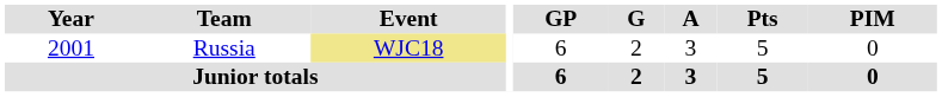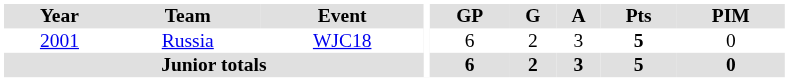 <table border="0" cellpadding="1" cellspacing="0" ID="Table3" style="text-align:center; width:40em">
 <tr ALIGN="center" bgcolor="#e0e0e0">
 <th>Year</th>
 <th>Team</th>
 <th>Event</th>
 <th rowspan="99" bgcolor="#ffffff"></th>
 <th>GP</th>
 <th>G</th>
 <th>A</th>
 <th>Pts</th>
 <th>PIM</th>
 </tr>
 <tr>
 <td><a href='#'>2001</a></td>
 <td><a href='#'>Russia</a></td>
-<td style="background: khaki;"><a href='#'>WJC18</a></td>
+<td><a href='#'>WJC18</a></td>
 <td>6</td>
 <td>2</td>
 <td>3</td>
-<td>5</td>
+<td><strong>5</strong></td>
 <td>0</td>
 </tr>
 <tr bgcolor="#e0e0e0">
 <th colspan="3">Junior totals</th>
 <th>6</th>
 <th>2</th>
 <th>3</th>
 <th>5</th>
 <th>0</th>
 </tr>
 </table>
